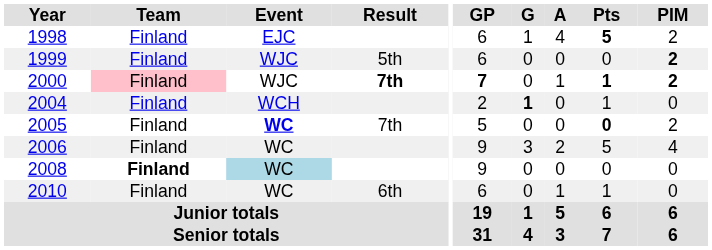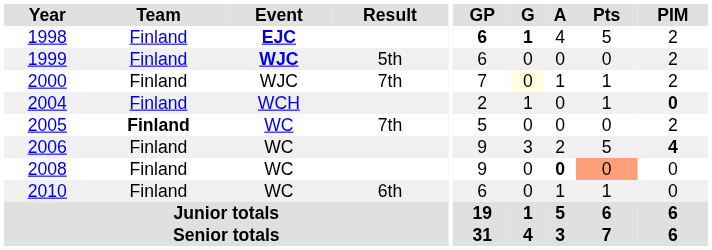 <table border="0" cellpadding="1" cellspacing="0" ID="Table3" style="text-align:center; width:40em">
 <tr ALIGN="center" bgcolor="#e0e0e0">
 <th>Year</th>
 <th>Team</th>
 <th>Event</th>
 <th>Result</th>
 <th rowspan="99" bgcolor="#ffffff"></th>
 <th>GP</th>
 <th>G</th>
 <th>A</th>
 <th>Pts</th>
 <th>PIM</th>
 </tr>
 <tr>
 <td><a href='#'>1998</a></td>
 <td><a href='#'>Finland</a></td>
-<td><a href='#'>EJC</a></td>
+<td><strong><a href='#'>EJC</a></strong></td>
 <td></td>
-<td>6</td>
-<td>1</td>
+<td><strong>6</strong></td>
+<td><strong>1</strong></td>
 <td>4</td>
-<td><strong>5</strong></td>
+<td>5</td>
 <td>2</td>
 </tr>
 <tr bgcolor="#f0f0f0">
 <td><a href='#'>1999</a></td>
 <td><a href='#'>Finland</a></td>
-<td><a href='#'>WJC</a></td>
+<td><strong><a href='#'>WJC</a></strong></td>
 <td>5th</td>
 <td>6</td>
 <td>0</td>
 <td>0</td>
 <td>0</td>
-<td><strong>2</strong></td>
+<td>2</td>
 </tr>
 <tr>
 <td><a href='#'>2000</a></td>
-<td style="background: pink;">Finland</td>
+<td>Finland</td>
 <td>WJC</td>
-<td><strong>7th</strong></td>
-<td><strong>7</strong></td>
-<td>0</td>
+<td>7th</td>
+<td>7</td>
+<td style="background: lightyellow;">0</td>
 <td>1</td>
-<td><strong>1</strong></td>
-<td><strong>2</strong></td>
+<td>1</td>
+<td>2</td>
 </tr>
 <tr bgcolor="#f0f0f0">
 <td><a href='#'>2004</a></td>
 <td><a href='#'>Finland</a></td>
 <td><a href='#'>WCH</a></td>
 <td></td>
 <td>2</td>
-<td><strong>1</strong></td>
+<td>1</td>
 <td>0</td>
 <td>1</td>
-<td>0</td>
+<td><strong>0</strong></td>
 </tr>
 <tr>
 <td><a href='#'>2005</a></td>
-<td>Finland</td>
-<td><strong><a href='#'>WC</a></strong></td>
+<td><strong>Finland</strong></td>
+<td><a href='#'>WC</a></td>
 <td>7th</td>
 <td>5</td>
 <td>0</td>
 <td>0</td>
-<td><strong>0</strong></td>
+<td>0</td>
 <td>2</td>
 </tr>
 <tr bgcolor="#f0f0f0">
 <td><a href='#'>2006</a></td>
 <td>Finland</td>
 <td>WC</td>
 <td></td>
 <td>9</td>
 <td>3</td>
 <td>2</td>
 <td>5</td>
-<td>4</td>
+<td><strong>4</strong></td>
 </tr>
 <tr>
 <td><a href='#'>2008</a></td>
-<td><strong>Finland</strong></td>
-<td style="background: lightblue;">WC</td>
+<td>Finland</td>
+<td>WC</td>
 <td></td>
 <td>9</td>
 <td>0</td>
-<td>0</td>
-<td>0</td>
+<td><strong>0</strong></td>
+<td style="background: lightsalmon;">0</td>
 <td>0</td>
 </tr>
 <tr bgcolor="#f0f0f0">
 <td><a href='#'>2010</a></td>
 <td>Finland</td>
 <td>WC</td>
 <td>6th</td>
 <td>6</td>
 <td>0</td>
 <td>1</td>
 <td>1</td>
 <td>0</td>
 </tr>
 <tr bgcolor="#e0e0e0">
 <th colspan="4">Junior totals</th>
 <th>19</th>
 <th>1</th>
 <th>5</th>
 <th>6</th>
 <th>6</th>
 </tr>
 <tr bgcolor="#e0e0e0">
 <th colspan="4">Senior totals</th>
 <th>31</th>
 <th>4</th>
 <th>3</th>
 <th>7</th>
 <th>6</th>
 </tr>
 </table>
